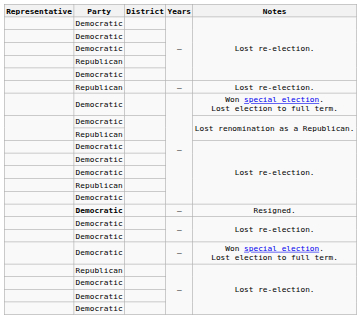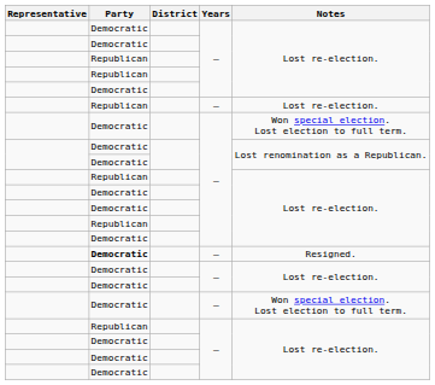 <table class="wikitable sortable" style="text-align:center">
 <tr valign=bottom>
 <th>Representative</th>
 <th>Party</th>
 <th>District</th>
 <th>Years</th>
 <th>Notes</th>
 </tr>
 <tr>
 <td align=left></td>
 <td>Democratic</td>
 <td></td>
 <td rowspan="5" nowrap=""> –<br></td>
 <td rowspan="5">Lost re-election.</td>
 </tr>
 <tr>
 <td align=left></td>
 <td>Democratic</td>
 <td></td>
 </tr>
 <tr>
 <td align=left></td>
-<td>Democratic</td>
+<td>Republican</td>
 <td></td>
 </tr>
 <tr>
 <td align=left></td>
 <td>Republican</td>
 <td></td>
 </tr>
 <tr>
 <td align=left></td>
 <td>Democratic</td>
 <td></td>
 </tr>
 <tr>
 <td align=left></td>
 <td>Republican</td>
 <td></td>
 <td nowrap> –<br></td>
 <td>Lost re-election.</td>
 </tr>
 <tr>
 <td align=left></td>
 <td>Democratic</td>
 <td></td>
 <td rowspan="8" nowrap=""> –<br></td>
 <td>Won <a href='#'>special election</a>.<br>Lost election to full term.</td>
 </tr>
 <tr>
 <td align=left rowspan=2></td>
 <td>Democratic</td>
 <td rowspan=2></td>
 <td rowspan=2>Lost renomination as a Republican.</td>
 </tr>
 <tr>
-<td>Republican</td>
+<td>Democratic</td>
 </tr>
 <tr>
 <td align=left></td>
-<td>Democratic</td>
+<td>Republican</td>
 <td></td>
 <td rowspan="5">Lost re-election.</td>
 </tr>
 <tr>
 <td align=left></td>
 <td>Democratic</td>
 <td></td>
 </tr>
 <tr>
 <td align=left></td>
 <td>Democratic</td>
 <td></td>
 </tr>
 <tr>
 <td align=left></td>
 <td>Republican</td>
 <td></td>
 </tr>
 <tr>
 <td align=left></td>
 <td>Democratic</td>
 <td></td>
 </tr>
 <tr>
 <td align=left></td>
 <td><strong>Democratic</strong></td>
 <td></td>
 <td nowrap> –<br></td>
 <td>Resigned.</td>
 </tr>
 <tr>
 <td align=left></td>
 <td>Democratic</td>
 <td></td>
 <td rowspan="2" nowrap=""> –<br></td>
 <td rowspan="2">Lost re-election.</td>
 </tr>
 <tr>
 <td align=left></td>
 <td>Democratic</td>
 <td></td>
 </tr>
 <tr>
 <td align=left></td>
 <td>Democratic</td>
 <td></td>
 <td nowrap> –<br></td>
 <td>Won <a href='#'>special election</a>.<br>Lost election to full term.</td>
 </tr>
 <tr>
 <td align=left></td>
 <td>Republican</td>
 <td></td>
 <td rowspan="4" nowrap=""> –<br></td>
 <td rowspan="4">Lost re-election.</td>
 </tr>
 <tr>
 <td align=left></td>
 <td>Democratic</td>
 <td></td>
 </tr>
 <tr>
 <td align=left></td>
 <td>Democratic</td>
 <td></td>
 </tr>
 <tr>
 <td align=left></td>
 <td>Democratic</td>
 <td></td>
 </tr>
 </table>
